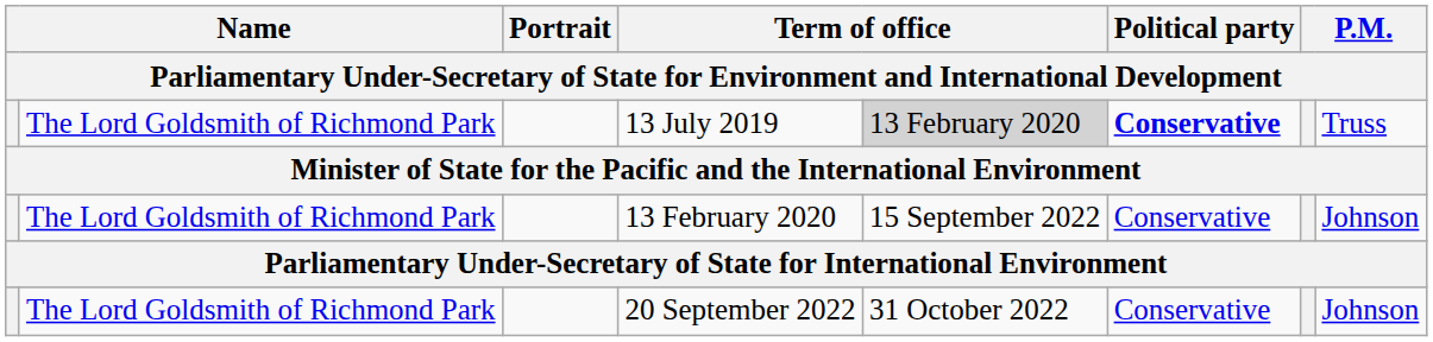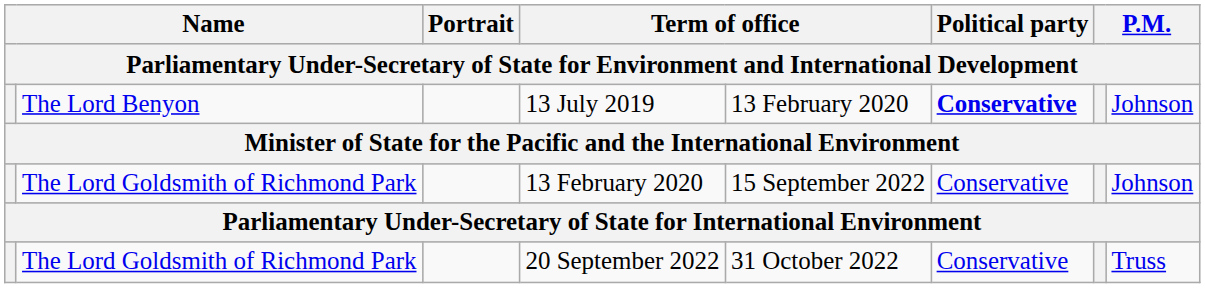 <table class="wikitable" style="text-align:left">
 <tr>
 <th colspan="2">Name</th>
 <th>Portrait</th>
 <th colspan="2">Term of office</th>
 <th>Political party</th>
 <th colspan="2"><a href='#'>P.M.</a></th>
 </tr>
 <tr>
 <th colspan="9">Parliamentary Under-Secretary of State for Environment and International Development</th>
 </tr>
 <tr>
 <th style="background-color: "></th>
-<td><a href='#'>The Lord Goldsmith of Richmond Park</a></td>
+<td><a href='#'>The Lord Benyon</a></td>
 <td></td>
 <td>13 July 2019</td>
-<td style="background: lightgrey;">13 February 2020</td>
+<td>13 February 2020</td>
 <td><strong><a href='#'>Conservative</a></strong></td>
 <th style="background-color: "></th>
-<td><a href='#'>Truss</a></td>
+<td><a href='#'>Johnson</a></td>
 </tr>
 <tr>
 <th colspan="9">Minister of State for the Pacific and the International Environment</th>
 </tr>
 <tr>
 <th style="background-color: "></th>
 <td><a href='#'>The Lord Goldsmith of Richmond Park</a></td>
 <td></td>
 <td>13 February 2020</td>
 <td>15 September 2022</td>
 <td><a href='#'>Conservative</a></td>
 <th style="background-color: "></th>
 <td><a href='#'>Johnson</a></td>
 </tr>
 <tr>
 <th colspan="9">Parliamentary Under-Secretary of State for International Environment</th>
 </tr>
 <tr>
 <th style="background-color: "></th>
 <td><a href='#'>The Lord Goldsmith of Richmond Park</a></td>
 <td></td>
 <td>20 September 2022</td>
 <td>31 October 2022</td>
 <td><a href='#'>Conservative</a></td>
 <th style="background-color: "></th>
-<td><a href='#'>Johnson</a></td>
+<td><a href='#'>Truss</a></td>
 </tr>
 </table>
